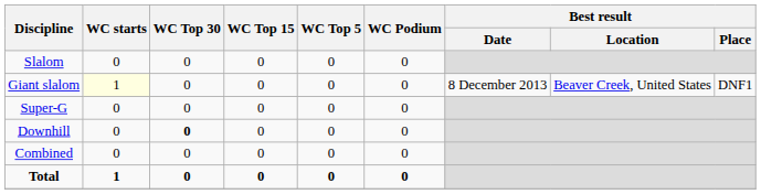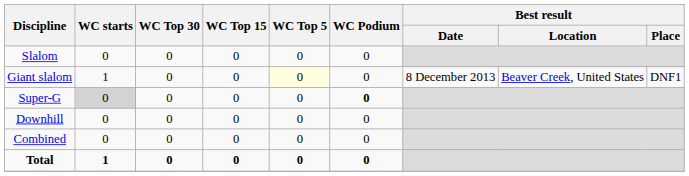 <table class="wikitable" style="text-align:center; font-size:95%;">
 <tr>
 <th rowspan=2>Discipline</th>
 <th rowspan=2>WC starts</th>
 <th rowspan=2>WC Top 30</th>
 <th rowspan=2>WC Top 15</th>
 <th rowspan=2>WC Top 5</th>
 <th rowspan=2>WC Podium</th>
 <th colspan=3>Best result</th>
 </tr>
 <tr>
 <th>Date</th>
 <th>Location</th>
 <th>Place</th>
 </tr>
 <tr>
 <td align=center><a href='#'>Slalom</a></td>
 <td align=center>0</td>
 <td align=center>0</td>
 <td align=center>0</td>
 <td align=center>0</td>
 <td align=center>0</td>
 <td colspan=3 bgcolor=#DCDCDC></td>
 </tr>
 <tr>
 <td align=center><a href='#'>Giant slalom</a></td>
-<td align=center style="background: lightyellow;">1</td>
+<td align=center>1</td>
 <td align=center>0</td>
 <td align=center>0</td>
-<td align=center>0</td>
+<td align=center style="background: lightyellow;">0</td>
 <td align=center>0</td>
 <td align=left>8 December 2013</td>
 <td> <a href='#'>Beaver Creek</a>, United States</td>
 <td>DNF1</td>
 </tr>
 <tr>
 <td align=center><a href='#'>Super-G</a></td>
+<td align=center style="background: lightgrey;">0</td>
 <td align=center>0</td>
 <td align=center>0</td>
 <td align=center>0</td>
-<td align=center>0</td>
-<td align=center>0</td>
+<td align=center><strong>0</strong></td>
 <td colspan=3 bgcolor=#DCDCDC></td>
 </tr>
 <tr>
 <td align=center><a href='#'>Downhill</a></td>
 <td align=center>0</td>
-<td align=center><strong>0</strong></td>
+<td align=center>0</td>
 <td align=center>0</td>
 <td align=center>0</td>
 <td align=center>0</td>
 <td colspan=3 bgcolor=#DCDCDC></td>
 </tr>
 <tr>
 <td align=center><a href='#'>Combined</a></td>
 <td align=center>0</td>
 <td align=center>0</td>
 <td align=center>0</td>
 <td align=center>0</td>
 <td align=center>0</td>
 <td colspan=3 bgcolor=#DCDCDC></td>
 </tr>
 <tr>
 <td align=center><strong>Total</strong></td>
 <td align=center><strong>1</strong></td>
 <td align=center><strong>0</strong></td>
 <td align=center><strong>0</strong></td>
 <td align=center><strong>0</strong></td>
 <td align=center><strong>0</strong></td>
 <td colspan=3 bgcolor=#DCDCDC></td>
 </tr>
 <tr>
 </tr>
 </table>
